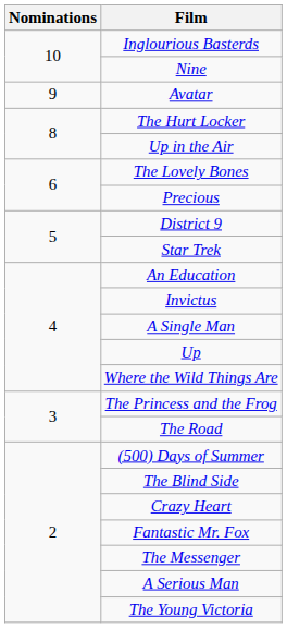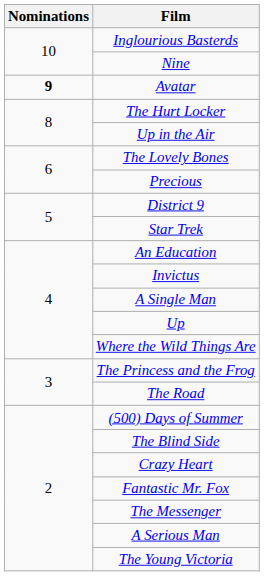 <table class="wikitable" rowspan="2" style="text-align:center;" background: #f6e39c;>
 <tr>
 <th scope="col" style="width:55px;">Nominations</th>
 <th scope="col" style="text-align:center;">Film</th>
 </tr>
 <tr>
 <td rowspan="2">10</td>
 <td><em><a href='#'>Inglourious Basterds</a></em></td>
 </tr>
 <tr>
 <td><em><a href='#'>Nine</a></em></td>
 </tr>
 <tr>
-<td>9</td>
+<td><strong>9</strong></td>
 <td><em><a href='#'>Avatar</a></em></td>
 </tr>
 <tr>
 <td rowspan="2">8</td>
 <td><em><a href='#'>The Hurt Locker</a></em></td>
 </tr>
 <tr>
 <td><em><a href='#'>Up in the Air</a></em></td>
 </tr>
 <tr>
 <td rowspan="2">6</td>
 <td><em><a href='#'>The Lovely Bones</a></em></td>
 </tr>
 <tr>
 <td><em><a href='#'>Precious</a></em></td>
 </tr>
 <tr>
 <td rowspan="2">5</td>
 <td><em><a href='#'>District 9</a></em></td>
 </tr>
 <tr>
 <td><em><a href='#'>Star Trek</a></em></td>
 </tr>
 <tr>
 <td rowspan="5">4</td>
 <td><em><a href='#'>An Education</a></em></td>
 </tr>
 <tr>
 <td><em><a href='#'>Invictus</a></em></td>
 </tr>
 <tr>
 <td><em><a href='#'>A Single Man</a></em></td>
 </tr>
 <tr>
 <td><em><a href='#'>Up</a></em></td>
 </tr>
 <tr>
 <td><em><a href='#'>Where the Wild Things Are</a></em></td>
 </tr>
 <tr>
 <td rowspan="2">3</td>
 <td><em><a href='#'>The Princess and the Frog</a></em></td>
 </tr>
 <tr>
 <td><em><a href='#'>The Road</a></em></td>
 </tr>
 <tr>
 <td rowspan="7">2</td>
 <td><em><a href='#'>(500) Days of Summer</a></em></td>
 </tr>
 <tr>
 <td><em><a href='#'>The Blind Side</a></em></td>
 </tr>
 <tr>
 <td><em><a href='#'>Crazy Heart</a></em></td>
 </tr>
 <tr>
 <td><em><a href='#'>Fantastic Mr. Fox</a></em></td>
 </tr>
 <tr>
 <td><em><a href='#'>The Messenger</a></em></td>
 </tr>
 <tr>
 <td><em><a href='#'>A Serious Man</a></em></td>
 </tr>
 <tr>
 <td><em><a href='#'>The Young Victoria</a></em></td>
 </tr>
 </table>
